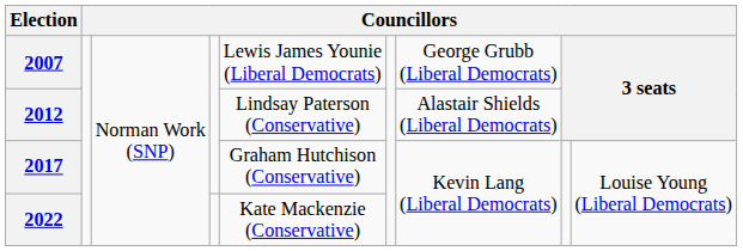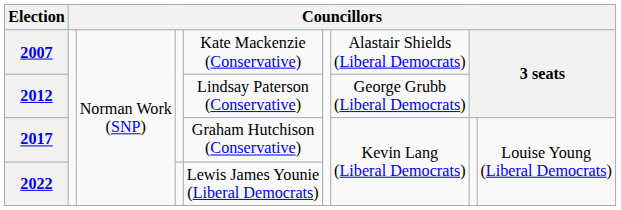 <table class="wikitable" style="text-align:center">
 <tr>
 <th>Election</th>
 <th colspan=8>Councillors</th>
 </tr>
 <tr>
 <th><a href='#'>2007</a></th>
 <td rowspan=4; style="background-color: "></td>
 <td rowspan=4>Norman Work<br>(<a href='#'>SNP</a>)</td>
 <td rowspan=3; style="background-color: "></td>
-<td rowspan=1>Lewis James Younie<br>(<a href='#'>Liberal Democrats</a>)</td>
+<td rowspan=1>Kate Mackenzie<br>(<a href='#'>Conservative</a>)</td>
 <td rowspan=4; style="background-color: "></td>
-<td rowspan=1>George Grubb<br>(<a href='#'>Liberal Democrats</a>)</td>
+<td rowspan=1>Alastair Shields<br>(<a href='#'>Liberal Democrats</a>)</td>
 <th colspan=2; rowspan=2>3 seats</th>
 </tr>
 <tr>
 <th><a href='#'>2012</a></th>
 <td rowspan=1>Lindsay Paterson<br>(<a href='#'>Conservative</a>)</td>
-<td rowspan=1>Alastair Shields<br>(<a href='#'>Liberal Democrats</a>)</td>
+<td rowspan=1>George Grubb<br>(<a href='#'>Liberal Democrats</a>)</td>
 </tr>
 <tr>
 <th><a href='#'>2017</a></th>
 <td rowspan=1>Graham Hutchison<br>(<a href='#'>Conservative</a>)</td>
 <td rowspan=2>Kevin Lang<br>(<a href='#'>Liberal Democrats</a>)</td>
 <td rowspan=2; style="background-color: "></td>
 <td rowspan=2>Louise Young<br>(<a href='#'>Liberal Democrats</a>)</td>
 </tr>
 <tr>
 <th><a href='#'>2022</a></th>
 <td rowspan=1; style="background-color: "></td>
-<td rowspan=1>Kate Mackenzie<br>(<a href='#'>Conservative</a>)</td>
+<td rowspan=1>Lewis James Younie<br>(<a href='#'>Liberal Democrats</a>)</td>
 </tr>
 </table>
